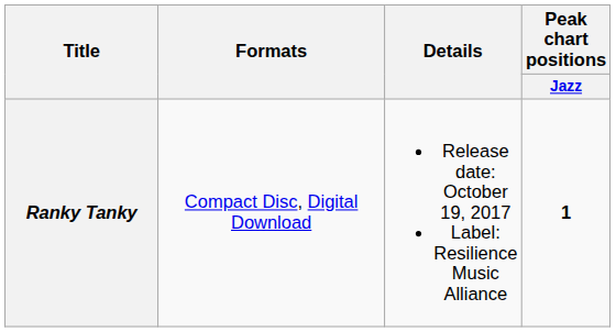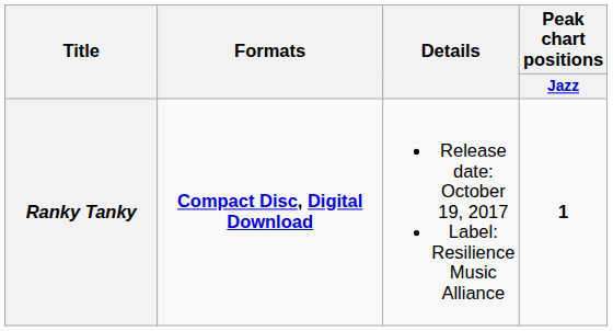 <table class="wikitable plainrowheaders" style="text-align:center;">
 <tr>
 <th rowspan="2" style="width:08em;">Title</th>
 <th rowspan="2" style="width:12em;">Formats</th>
 <th rowspan="2" style="width:04em;">Details</th>
 <th colspan="1">Peak chart positions</th>
 </tr>
 <tr style="font-size:smaller;">
 <th width="60"><a href='#'>Jazz</a></th>
 </tr>
 <tr>
 <th scope="row"><em>Ranky Tanky</em></th>
-<td><a href='#'>Compact Disc</a>, <a href='#'>Digital Download</a></td>
+<td><strong><a href='#'>Compact Disc</a>, <a href='#'>Digital Download</a></strong></td>
 <td><br><ul><li>Release date: October 19, 2017</li><li>Label: Resilience Music Alliance</li></ul></td>
 <td><strong>1</strong></td>
 </tr>
 </table>
